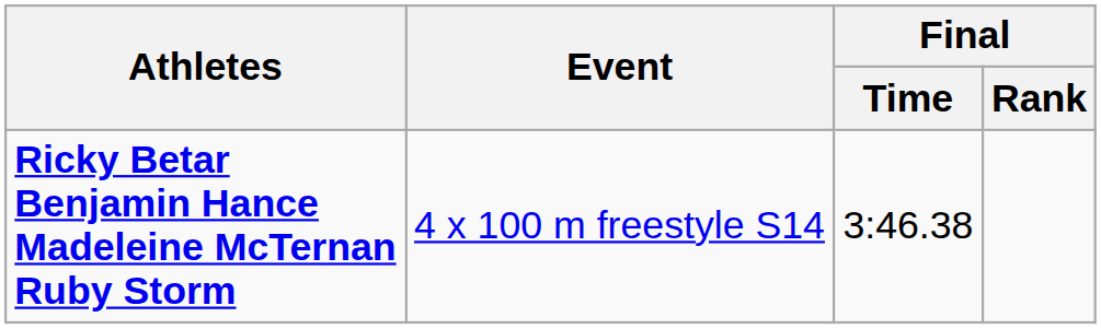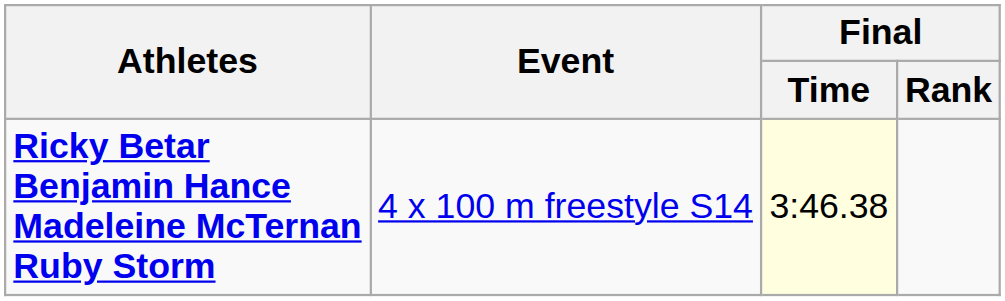 <table class=wikitable>
 <tr>
 <th rowspan="2">Athletes</th>
 <th rowspan="2">Event</th>
 <th colspan="2">Final</th>
 </tr>
 <tr>
 <th>Time</th>
 <th>Rank</th>
 </tr>
 <tr>
 <td align=left><strong><a href='#'>Ricky Betar</a><br><a href='#'>Benjamin Hance</a><br><a href='#'>Madeleine McTernan</a><br><a href='#'>Ruby Storm</a></strong></td>
 <td align=left><a href='#'>4 x 100 m freestyle S14</a></td>
-<td align=center>3:46.38</td>
+<td align=center style="background: lightyellow;">3:46.38</td>
 <td align=center></td>
 </tr>
 </table>
